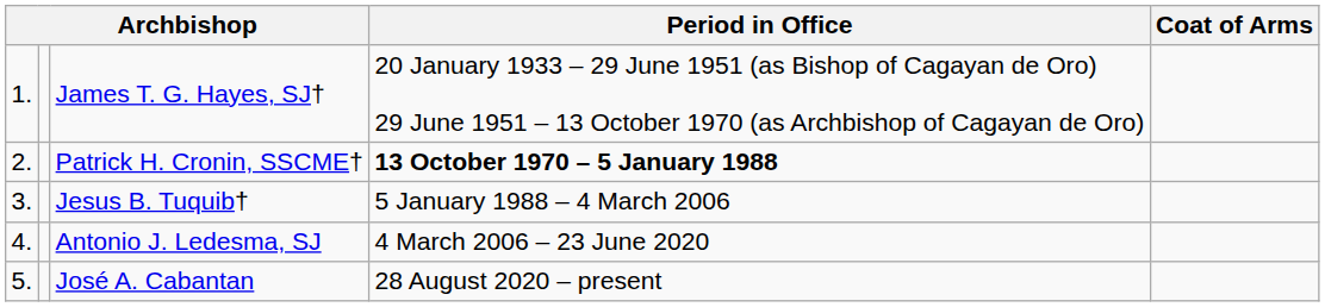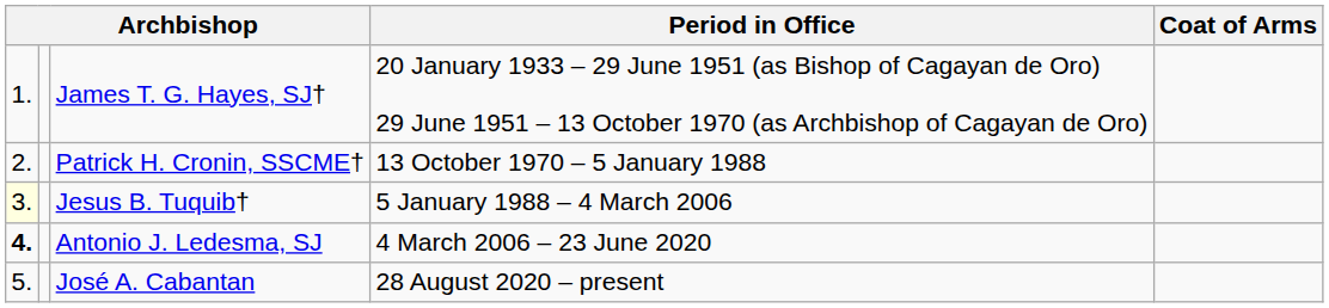 <table class="wikitable">
 <tr>
 <th colspan=3>Archbishop</th>
 <th>Period in Office</th>
 <th>Coat of Arms</th>
 </tr>
 <tr>
 <td>1.</td>
 <td></td>
 <td><a href='#'>James T. G. Hayes, SJ</a>†<br></td>
 <td>20 January 1933 – 29 June 1951 (as Bishop of Cagayan de Oro) <br> <br> 29 June 1951 – 13 October 1970 (as Archbishop of Cagayan de Oro) <br></td>
 <td></td>
 </tr>
 <tr>
 <td>2.</td>
 <td></td>
 <td><a href='#'>Patrick H. Cronin, SSCME</a>†<br></td>
-<td><strong>13 October 1970 – 5 January 1988<br></strong></td>
+<td>13 October 1970 – 5 January 1988<br></td>
 <td></td>
 </tr>
 <tr>
-<td>3.</td>
+<td style="background: lightyellow;">3.</td>
 <td></td>
 <td><a href='#'>Jesus B. Tuquib</a>†<br></td>
 <td>5 January 1988 – 4 March 2006 <br></td>
 <td></td>
 </tr>
 <tr>
-<td>4.</td>
+<td><strong>4.</strong></td>
 <td></td>
 <td><a href='#'>Antonio J. Ledesma, SJ</a><br></td>
 <td>4 March 2006 – 23 June 2020 <br></td>
 <td></td>
 </tr>
 <tr>
 <td>5.</td>
 <td></td>
 <td><a href='#'>José A. Cabantan</a><br></td>
 <td>28 August 2020 – present <br></td>
 <td></td>
 </tr>
 </table>
